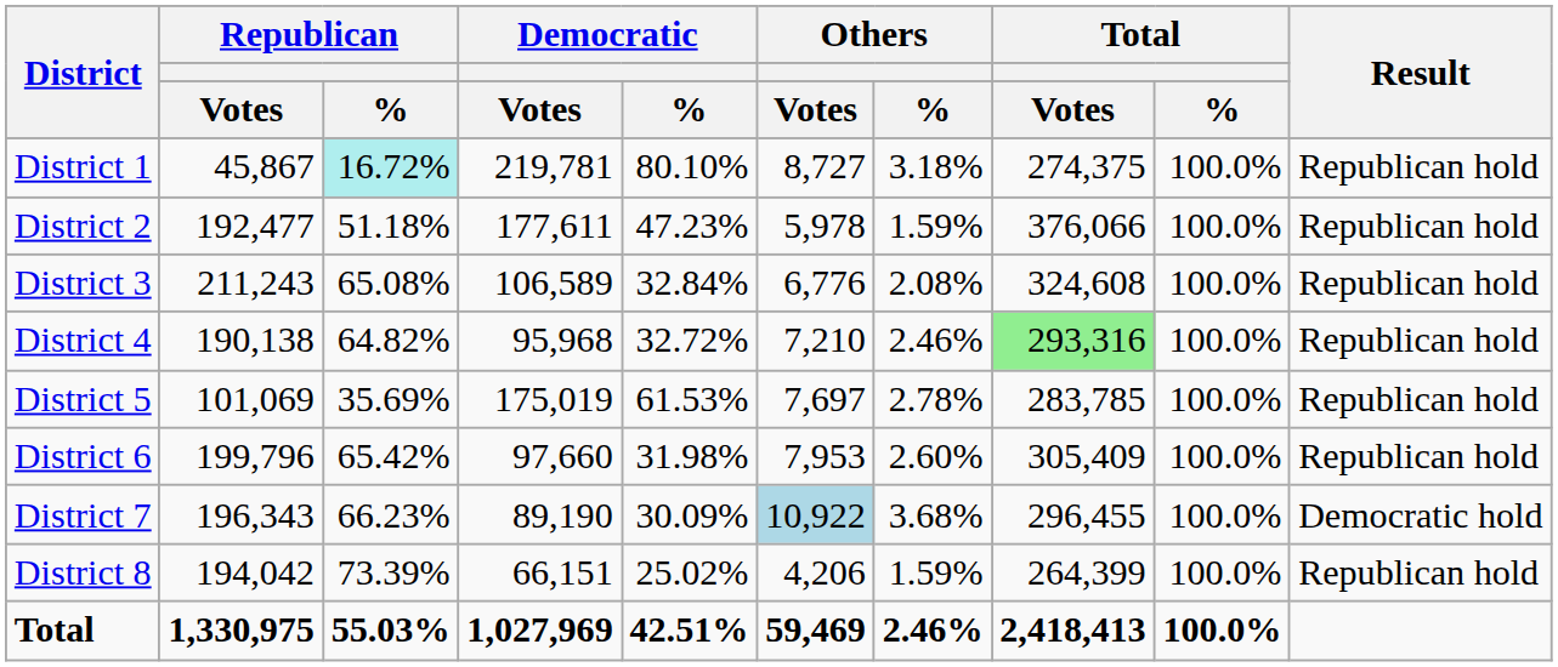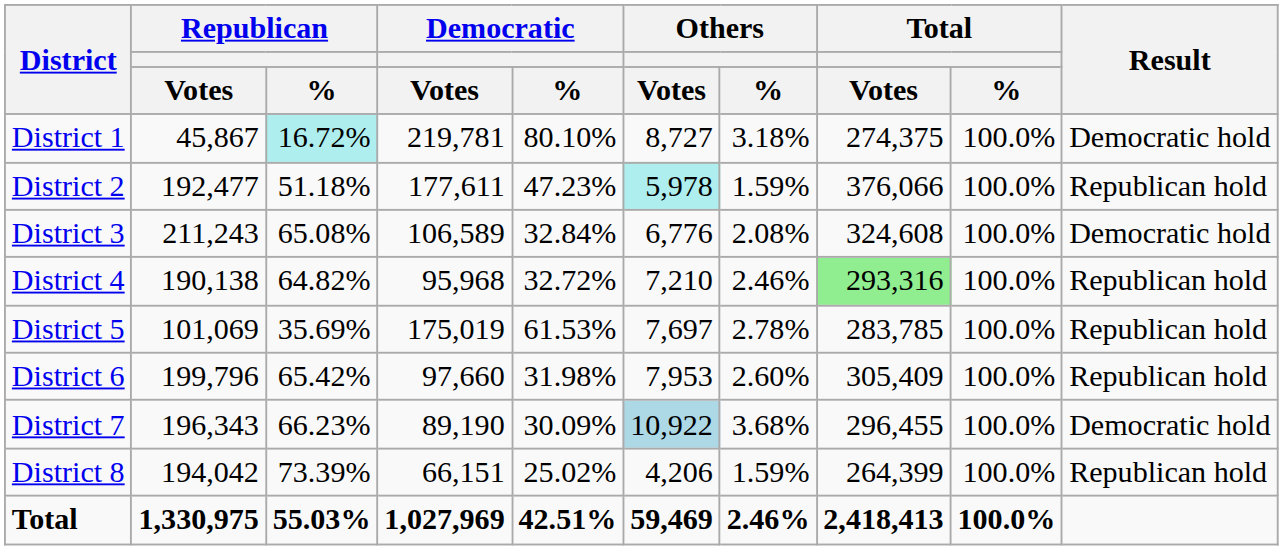 <table class="wikitable plainrowheaders sortable" style="font-size:100%; text-align:right;">
 <tr>
 <th rowspan="3" scope="col"><a href='#'>District</a></th>
 <th colspan="2" scope="col"><a href='#'>Republican</a></th>
 <th colspan="2" scope="col"><a href='#'>Democratic</a></th>
 <th colspan="2" scope="col">Others</th>
 <th colspan="2" scope="col">Total</th>
 <th rowspan="3" scope="col">Result</th>
 </tr>
 <tr>
 <th colspan="2" scope="col" style="background:"></th>
 <th colspan="2" scope="col" style="background:"></th>
 <th colspan="2" scope="col"></th>
 <th colspan="2" scope="col"></th>
 </tr>
 <tr>
 <th data-sort-type="number" scope="col">Votes</th>
 <th data-sort-type="number" scope="col">%</th>
 <th data-sort-type="number" scope="col">Votes</th>
 <th data-sort-type="number" scope="col">%</th>
 <th data-sort-type="number" scope="col">Votes</th>
 <th data-sort-type="number" scope="col">%</th>
 <th data-sort-type="number" scope="col">Votes</th>
 <th data-sort-type="number" scope="col">%</th>
 </tr>
 <tr>
 <td align="left"><a href='#'>District 1</a></td>
 <td>45,867</td>
 <td style="background: paleturquoise;">16.72%</td>
 <td>219,781</td>
 <td>80.10%</td>
 <td>8,727</td>
 <td>3.18%</td>
 <td>274,375</td>
 <td>100.0%</td>
-<td align="left">Republican hold</td>
+<td align="left">Democratic hold</td>
 </tr>
 <tr>
 <td align="left"><a href='#'>District 2</a></td>
 <td>192,477</td>
 <td>51.18%</td>
 <td>177,611</td>
 <td>47.23%</td>
-<td>5,978</td>
+<td style="background: paleturquoise;">5,978</td>
 <td>1.59%</td>
 <td>376,066</td>
 <td>100.0%</td>
 <td align="left">Republican hold</td>
 </tr>
 <tr>
 <td align="left"><a href='#'>District 3</a></td>
 <td>211,243</td>
 <td>65.08%</td>
 <td>106,589</td>
 <td>32.84%</td>
 <td>6,776</td>
 <td>2.08%</td>
 <td>324,608</td>
 <td>100.0%</td>
-<td align="left">Republican hold</td>
+<td align="left">Democratic hold</td>
 </tr>
 <tr>
 <td align="left"><a href='#'>District 4</a></td>
 <td>190,138</td>
 <td>64.82%</td>
 <td>95,968</td>
 <td>32.72%</td>
 <td>7,210</td>
 <td>2.46%</td>
 <td style="background: lightgreen;">293,316</td>
 <td>100.0%</td>
 <td align="left">Republican hold</td>
 </tr>
 <tr>
 <td align="left"><a href='#'>District 5</a></td>
 <td>101,069</td>
 <td>35.69%</td>
 <td>175,019</td>
 <td>61.53%</td>
 <td>7,697</td>
 <td>2.78%</td>
 <td>283,785</td>
 <td>100.0%</td>
 <td align="left">Republican hold</td>
 </tr>
 <tr>
 <td align="left"><a href='#'>District 6</a></td>
 <td>199,796</td>
 <td>65.42%</td>
 <td>97,660</td>
 <td>31.98%</td>
 <td>7,953</td>
 <td>2.60%</td>
 <td>305,409</td>
 <td>100.0%</td>
 <td align="left">Republican hold</td>
 </tr>
 <tr>
 <td align="left"><a href='#'>District 7</a></td>
 <td>196,343</td>
 <td>66.23%</td>
 <td>89,190</td>
 <td>30.09%</td>
 <td style="background: lightblue;">10,922</td>
 <td>3.68%</td>
 <td>296,455</td>
 <td>100.0%</td>
 <td align="left">Democratic hold</td>
 </tr>
 <tr>
 <td align="left"><a href='#'>District 8</a></td>
 <td>194,042</td>
 <td>73.39%</td>
 <td>66,151</td>
 <td>25.02%</td>
 <td>4,206</td>
 <td>1.59%</td>
 <td>264,399</td>
 <td>100.0%</td>
 <td align="left">Republican hold</td>
 </tr>
 <tr class="sortbottom" style="font-weight:bold">
 <td align="left">Total</td>
 <td>1,330,975</td>
 <td>55.03%</td>
 <td>1,027,969</td>
 <td>42.51%</td>
 <td>59,469</td>
 <td>2.46%</td>
 <td>2,418,413</td>
 <td>100.0%</td>
 <td></td>
 </tr>
 </table>
